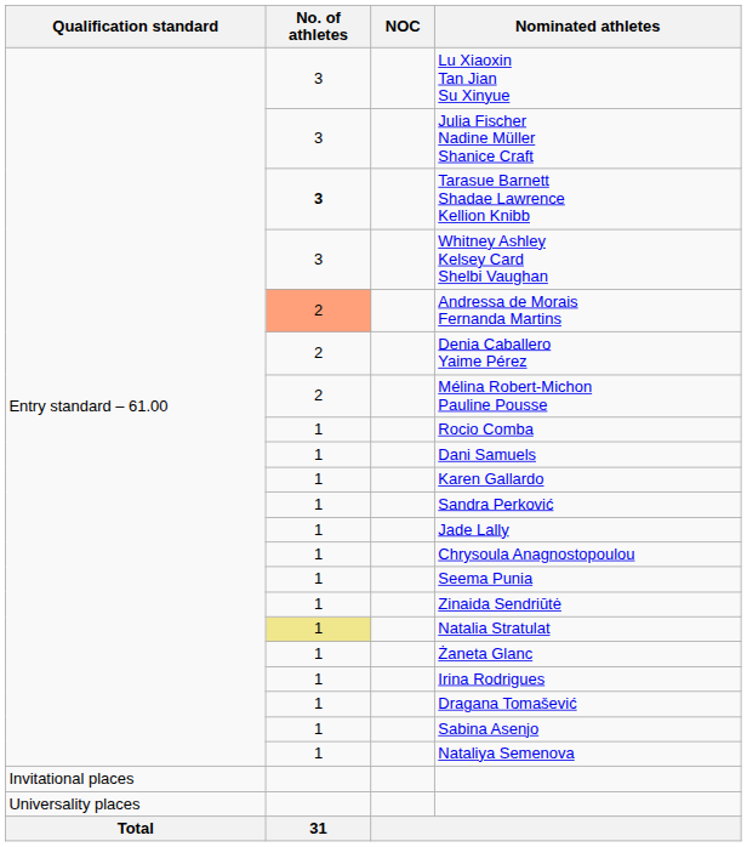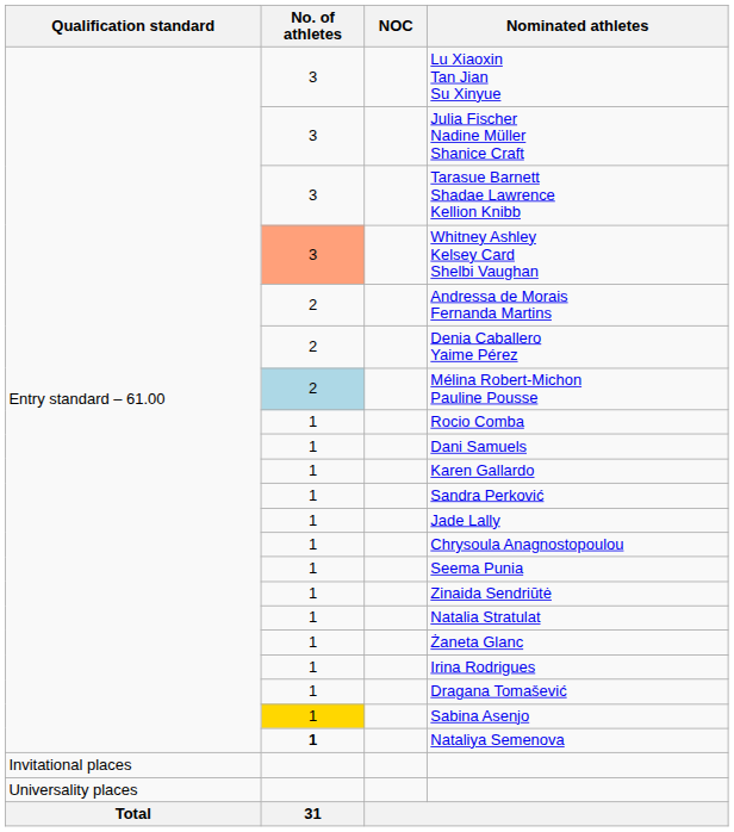 <table class="wikitable"  style="text-align:left; width:750px;">
 <tr>
 <th>Qualification standard</th>
 <th width=100>No. of athletes</th>
 <th>NOC</th>
 <th>Nominated athletes</th>
 </tr>
 <tr>
 <td rowspan=21>Entry standard – 61.00</td>
 <td style="text-align:center;">3</td>
 <td></td>
 <td><a href='#'>Lu Xiaoxin</a><br><a href='#'>Tan Jian</a><br><a href='#'>Su Xinyue</a></td>
 </tr>
 <tr>
 <td style="text-align:center;">3</td>
 <td></td>
 <td><a href='#'>Julia Fischer</a><br><a href='#'>Nadine Müller</a><br><a href='#'>Shanice Craft</a></td>
 </tr>
 <tr>
-<td style="text-align:center;"><strong>3</strong></td>
+<td style="text-align:center;">3</td>
 <td></td>
 <td><a href='#'>Tarasue Barnett</a><br><a href='#'>Shadae Lawrence</a><br><a href='#'>Kellion Knibb</a></td>
 </tr>
 <tr>
-<td style="text-align:center;">3</td>
+<td style="background: lightsalmon; text-align:center;">3</td>
 <td></td>
 <td><a href='#'>Whitney Ashley</a><br><a href='#'>Kelsey Card</a><br><a href='#'>Shelbi Vaughan</a></td>
 </tr>
 <tr>
-<td style="background: lightsalmon; text-align:center;">2</td>
+<td style="text-align:center;">2</td>
 <td></td>
 <td><a href='#'>Andressa de Morais</a><br><a href='#'>Fernanda Martins</a></td>
 </tr>
 <tr>
 <td style="text-align:center;">2</td>
 <td></td>
 <td><a href='#'>Denia Caballero</a><br><a href='#'>Yaime Pérez</a></td>
 </tr>
 <tr>
-<td style="text-align:center;">2</td>
+<td style="background: lightblue; text-align:center;">2</td>
 <td></td>
 <td><a href='#'>Mélina Robert-Michon</a><br><a href='#'>Pauline Pousse</a></td>
 </tr>
 <tr>
 <td style="text-align:center;">1</td>
 <td></td>
 <td><a href='#'>Rocio Comba</a></td>
 </tr>
 <tr>
 <td style="text-align:center;">1</td>
 <td></td>
 <td><a href='#'>Dani Samuels</a></td>
 </tr>
 <tr>
 <td style="text-align:center;">1</td>
 <td></td>
 <td><a href='#'>Karen Gallardo</a></td>
 </tr>
 <tr>
 <td style="text-align:center;">1</td>
 <td></td>
 <td><a href='#'>Sandra Perković</a></td>
 </tr>
 <tr>
 <td style="text-align:center;">1</td>
 <td></td>
 <td><a href='#'>Jade Lally</a></td>
 </tr>
 <tr>
 <td style="text-align:center;">1</td>
 <td></td>
 <td><a href='#'>Chrysoula Anagnostopoulou</a></td>
 </tr>
 <tr>
 <td style="text-align:center;">1</td>
 <td></td>
 <td><a href='#'>Seema Punia</a></td>
 </tr>
 <tr>
 <td style="text-align:center;">1</td>
 <td></td>
 <td><a href='#'>Zinaida Sendriūtė</a></td>
 </tr>
 <tr>
-<td style="background: khaki; text-align:center;">1</td>
+<td style="text-align:center;">1</td>
 <td></td>
 <td><a href='#'>Natalia Stratulat</a></td>
 </tr>
 <tr>
 <td style="text-align:center;">1</td>
 <td></td>
 <td><a href='#'>Żaneta Glanc</a></td>
 </tr>
 <tr>
 <td style="text-align:center;">1</td>
 <td></td>
 <td><a href='#'>Irina Rodrigues</a></td>
 </tr>
 <tr>
 <td style="text-align:center;">1</td>
 <td></td>
 <td><a href='#'>Dragana Tomašević</a></td>
 </tr>
 <tr>
-<td style="text-align:center;">1</td>
+<td style="background: gold; text-align:center;">1</td>
 <td></td>
 <td><a href='#'>Sabina Asenjo</a></td>
 </tr>
 <tr>
-<td style="text-align:center;">1</td>
+<td style="text-align:center;"><strong>1</strong></td>
 <td></td>
 <td><a href='#'>Nataliya Semenova</a></td>
 </tr>
 <tr>
 <td>Invitational places</td>
 <td></td>
 <td></td>
 <td></td>
 </tr>
 <tr>
 <td>Universality places</td>
 <td></td>
 <td></td>
 <td></td>
 </tr>
 <tr>
 <th>Total</th>
 <th>31</th>
 <th colspan=2></th>
 </tr>
 </table>
